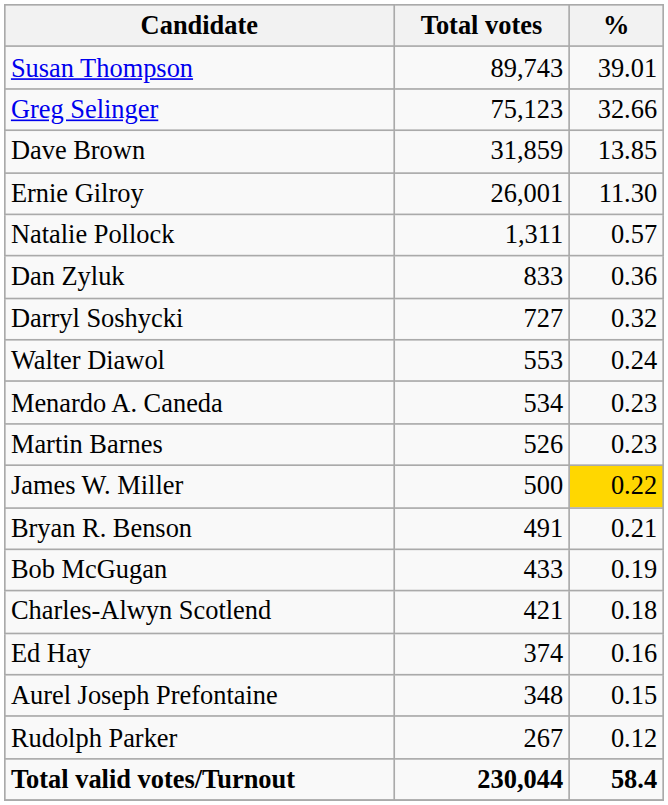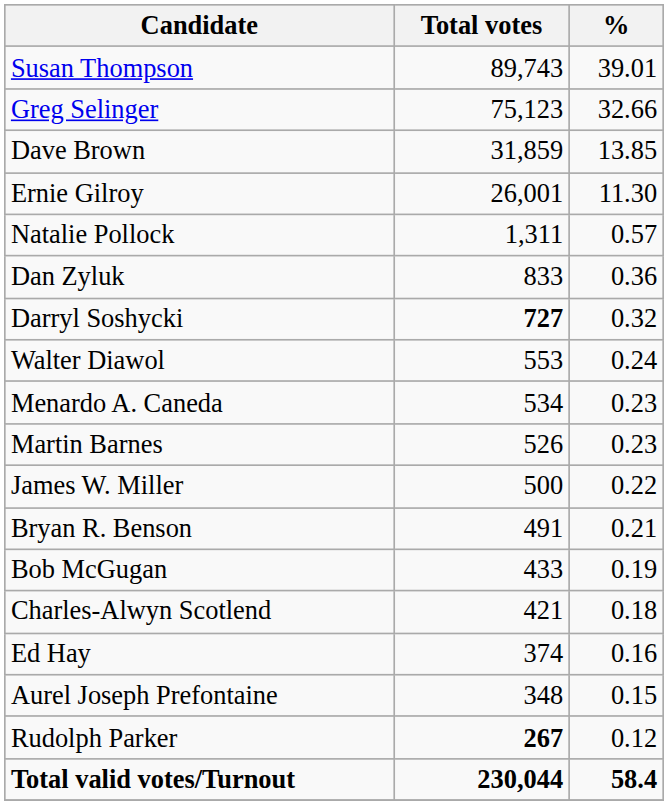 <table class="wikitable" width="400">
 <tr>
 <th align="left">Candidate</th>
 <th align="right">Total votes</th>
 <th align="right">%</th>
 </tr>
 <tr>
 <td align="left"><a href='#'>Susan Thompson</a></td>
 <td align="right">89,743</td>
 <td align="right">39.01</td>
 </tr>
 <tr>
 <td align="left"><a href='#'>Greg Selinger</a></td>
 <td align="right">75,123</td>
 <td align="right">32.66</td>
 </tr>
 <tr>
 <td align="left">Dave Brown</td>
 <td align="right">31,859</td>
 <td align="right">13.85</td>
 </tr>
 <tr>
 <td align="left">Ernie Gilroy</td>
 <td align="right">26,001</td>
 <td align="right">11.30</td>
 </tr>
 <tr>
 <td align="left">Natalie Pollock</td>
 <td align="right">1,311</td>
 <td align="right">0.57</td>
 </tr>
 <tr>
 <td align="left">Dan Zyluk</td>
 <td align="right">833</td>
 <td align="right">0.36</td>
 </tr>
 <tr>
 <td align="left">Darryl Soshycki</td>
-<td align="right">727</td>
+<td align="right"><strong>727</strong></td>
 <td align="right">0.32</td>
 </tr>
 <tr>
 <td align="left">Walter Diawol</td>
 <td align="right">553</td>
 <td align="right">0.24</td>
 </tr>
 <tr>
 <td align="left">Menardo A. Caneda</td>
 <td align="right">534</td>
 <td align="right">0.23</td>
 </tr>
 <tr>
 <td align="left">Martin Barnes</td>
 <td align="right">526</td>
 <td align="right">0.23</td>
 </tr>
 <tr>
 <td align="left">James W. Miller</td>
 <td align="right">500</td>
-<td align="right" style="background: gold;">0.22</td>
+<td align="right">0.22</td>
 </tr>
 <tr>
 <td align="left">Bryan R. Benson</td>
 <td align="right">491</td>
 <td align="right">0.21</td>
 </tr>
 <tr>
 <td align="left">Bob McGugan</td>
 <td align="right">433</td>
 <td align="right">0.19</td>
 </tr>
 <tr>
 <td align="left">Charles-Alwyn Scotlend</td>
 <td align="right">421</td>
 <td align="right">0.18</td>
 </tr>
 <tr>
 <td align="left">Ed Hay</td>
 <td align="right">374</td>
 <td align="right">0.16</td>
 </tr>
 <tr>
 <td align="left">Aurel Joseph Prefontaine</td>
 <td align="right">348</td>
 <td align="right">0.15</td>
 </tr>
 <tr>
 <td align="left">Rudolph Parker</td>
-<td align="right">267</td>
+<td align="right"><strong>267</strong></td>
 <td align="right">0.12</td>
 </tr>
 <tr>
 <td align="left"><strong>Total valid votes/Turnout</strong></td>
 <td align="right"><strong>230,044</strong></td>
 <td align="right"><strong>58.4</strong></td>
 </tr>
 <tr>
 </tr>
 </table>
